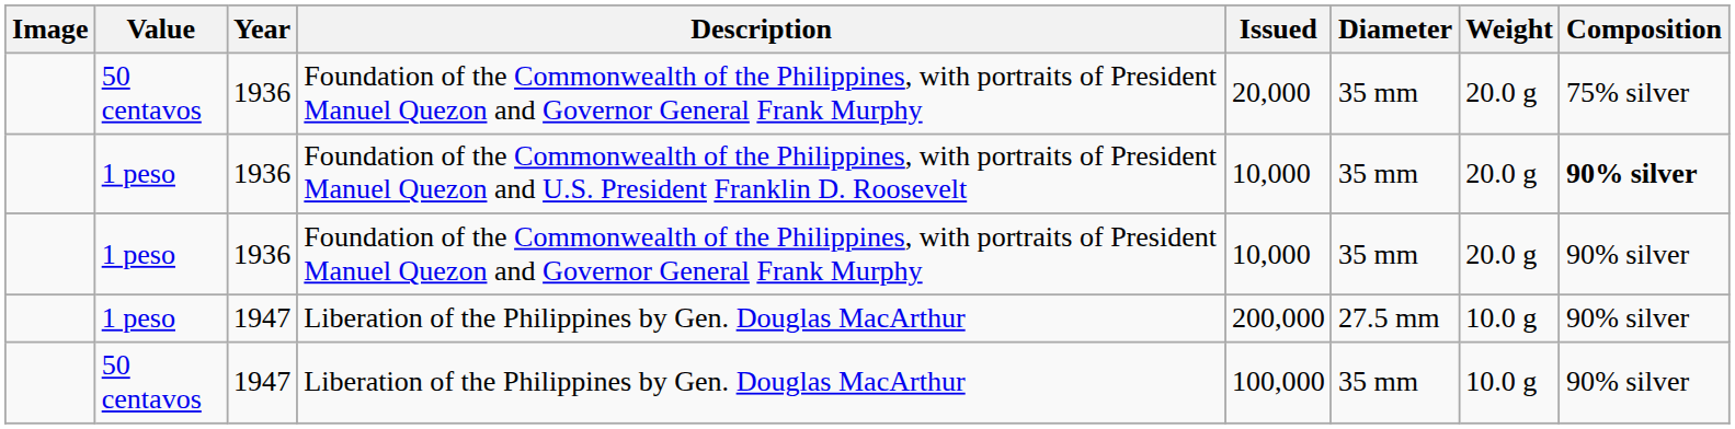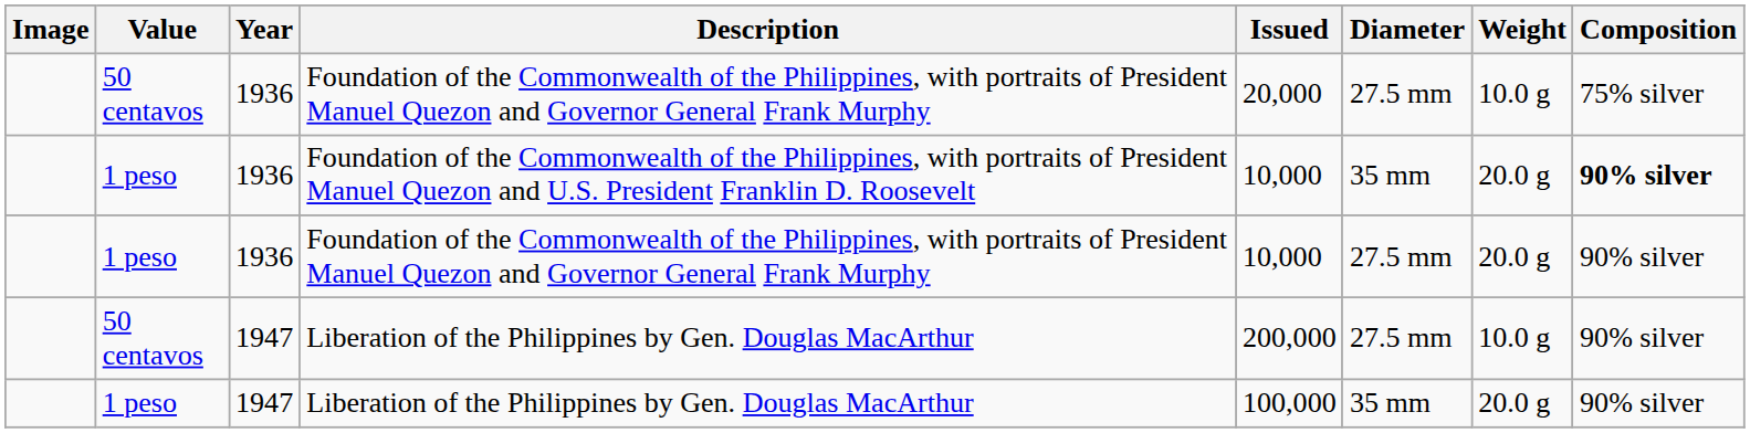 <table class="wikitable" style="font-size: 90%">
 <tr>
 <th>Image</th>
 <th>Value</th>
 <th>Year</th>
 <th>Description</th>
 <th>Issued</th>
 <th>Diameter</th>
 <th>Weight</th>
 <th>Composition</th>
 </tr>
 <tr>
 <td></td>
 <td><a href='#'>50 centavos</a></td>
 <td>1936</td>
 <td>Foundation of the <a href='#'>Commonwealth of the Philippines</a>, with portraits of President <a href='#'>Manuel Quezon</a> and <a href='#'>Governor General</a> <a href='#'>Frank Murphy</a></td>
 <td>20,000</td>
-<td>35 mm</td>
-<td>20.0 g</td>
+<td>27.5 mm</td>
+<td>10.0 g</td>
 <td>75% silver</td>
 </tr>
 <tr>
 <td></td>
 <td><a href='#'>1 peso</a></td>
 <td>1936</td>
 <td>Foundation of the <a href='#'>Commonwealth of the Philippines</a>, with portraits of President <a href='#'>Manuel Quezon</a> and <a href='#'>U.S. President</a> <a href='#'>Franklin D. Roosevelt</a></td>
 <td>10,000</td>
 <td>35 mm</td>
 <td>20.0 g</td>
 <td><strong>90% silver</strong></td>
 </tr>
 <tr>
 <td><br></td>
 <td><a href='#'>1 peso</a></td>
 <td>1936</td>
 <td>Foundation of the <a href='#'>Commonwealth of the Philippines</a>, with portraits of President <a href='#'>Manuel Quezon</a> and <a href='#'>Governor General</a> <a href='#'>Frank Murphy</a></td>
 <td>10,000</td>
-<td>35 mm</td>
+<td>27.5 mm</td>
 <td>20.0 g</td>
 <td>90% silver</td>
 </tr>
 <tr>
 <td></td>
-<td><a href='#'>1 peso</a></td>
+<td><a href='#'>50 centavos</a></td>
 <td>1947</td>
 <td>Liberation of the Philippines by Gen. <a href='#'>Douglas MacArthur</a></td>
 <td>200,000</td>
 <td>27.5 mm</td>
 <td>10.0 g</td>
 <td>90% silver</td>
 </tr>
 <tr>
 <td></td>
-<td><a href='#'>50 centavos</a></td>
+<td><a href='#'>1 peso</a></td>
 <td>1947</td>
 <td>Liberation of the Philippines by Gen. <a href='#'>Douglas MacArthur</a></td>
 <td>100,000</td>
 <td>35 mm</td>
-<td>10.0 g</td>
+<td>20.0 g</td>
 <td>90% silver</td>
 </tr>
 </table>
